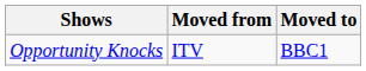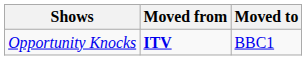 <table class="wikitable">
 <tr>
 <th>Shows</th>
 <th>Moved from</th>
 <th>Moved to</th>
 </tr>
 <tr>
 <td><em><a href='#'>Opportunity Knocks</a></em></td>
-<td><a href='#'>ITV</a></td>
+<td><strong><a href='#'>ITV</a></strong></td>
 <td rowspan=2><a href='#'>BBC1</a></td>
 </tr>
 </table>
